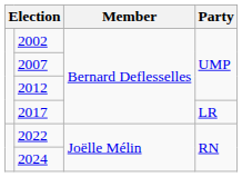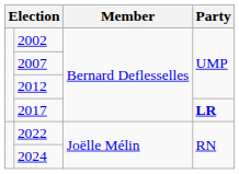 <table class="wikitable">
 <tr>
 <th colspan="2">Election</th>
 <th>Member</th>
 <th>Party</th>
 </tr>
 <tr>
 <td rowspan=4 style="background-color: "></td>
 <td><a href='#'>2002</a></td>
 <td rowspan=4><a href='#'>Bernard Deflesselles</a></td>
 <td rowspan=3><a href='#'>UMP</a></td>
 </tr>
 <tr>
 <td><a href='#'>2007</a></td>
 </tr>
 <tr>
 <td><a href='#'>2012</a></td>
 </tr>
 <tr>
 <td><a href='#'>2017</a></td>
-<td><a href='#'>LR</a></td>
+<td><strong><a href='#'>LR</a></strong></td>
 </tr>
 <tr>
 <td rowspan=2 style="color:inherit;background-color: "></td>
 <td><a href='#'>2022</a></td>
 <td rowspan=2><a href='#'>Joëlle Mélin</a></td>
 <td rowspan=2><a href='#'>RN</a></td>
 </tr>
 <tr>
 <td><a href='#'>2024</a></td>
 </tr>
 </table>
